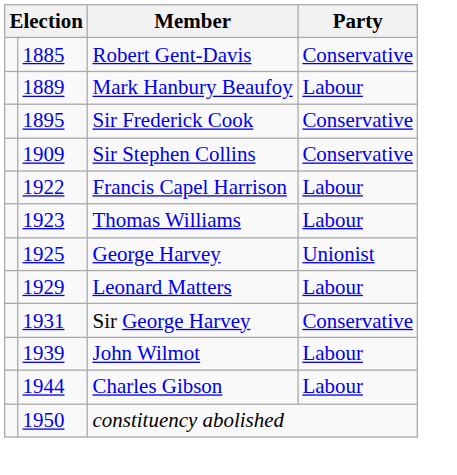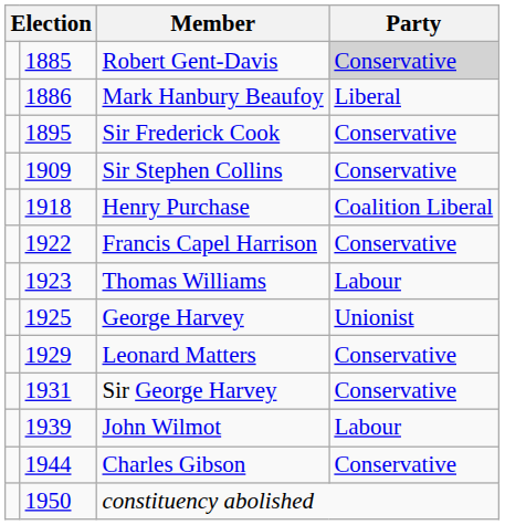 <table class="wikitable">
 <tr>
 <th colspan="2">Election</th>
 <th>Member</th>
 <th>Party</th>
 </tr>
 <tr>
 <td style="color:inherit;background-color: "></td>
 <td><a href='#'>1885</a></td>
 <td><a href='#'>Robert Gent-Davis</a></td>
-<td><a href='#'>Conservative</a></td>
+<td style="background: lightgrey;"><a href='#'>Conservative</a></td>
 </tr>
 <tr>
 <td style="color:inherit;background-color: "></td>
-<td><a href='#'>1889</a></td>
+<td><a href='#'>1886</a></td>
 <td><a href='#'>Mark Hanbury Beaufoy</a></td>
-<td><a href='#'>Labour</a></td>
+<td><a href='#'>Liberal</a></td>
 </tr>
 <tr>
 <td style="color:inherit;background-color: "></td>
 <td><a href='#'>1895</a></td>
 <td><a href='#'>Sir Frederick Cook</a></td>
 <td><a href='#'>Conservative</a></td>
 </tr>
 <tr>
 <td style="color:inherit;background-color: "></td>
 <td><a href='#'>1909</a></td>
 <td><a href='#'>Sir Stephen Collins</a></td>
 <td><a href='#'>Conservative</a></td>
 </tr>
 <tr>
 <td style="color:inherit;background-color: "></td>
+<td><a href='#'>1918</a></td>
+<td><a href='#'>Henry Purchase</a></td>
+<td><a href='#'>Coalition Liberal</a></td>
+</tr>
+<tr>
+<td style="color:inherit;background-color: "></td>
 <td><a href='#'>1922</a></td>
 <td><a href='#'>Francis Capel Harrison</a></td>
-<td><a href='#'>Labour</a></td>
+<td><a href='#'>Conservative</a></td>
 </tr>
 <tr>
 <td style="color:inherit;background-color: "></td>
 <td><a href='#'>1923</a></td>
 <td><a href='#'>Thomas Williams</a></td>
 <td><a href='#'>Labour</a></td>
 </tr>
 <tr>
 <td style="color:inherit;background-color: "></td>
 <td><a href='#'>1925</a></td>
 <td><a href='#'>George Harvey</a></td>
 <td><a href='#'>Unionist</a></td>
 </tr>
 <tr>
 <td style="color:inherit;background-color: "></td>
 <td><a href='#'>1929</a></td>
 <td><a href='#'>Leonard Matters</a></td>
-<td><a href='#'>Labour</a></td>
+<td><a href='#'>Conservative</a></td>
 </tr>
 <tr>
 <td style="color:inherit;background-color: "></td>
 <td><a href='#'>1931</a></td>
 <td>Sir <a href='#'>George Harvey</a></td>
 <td><a href='#'>Conservative</a></td>
 </tr>
 <tr>
 <td style="color:inherit;background-color: "></td>
 <td><a href='#'>1939</a></td>
 <td><a href='#'>John Wilmot</a></td>
 <td><a href='#'>Labour</a></td>
 </tr>
 <tr>
 <td style="color:inherit;background-color: "></td>
 <td><a href='#'>1944</a></td>
 <td><a href='#'>Charles Gibson</a></td>
-<td><a href='#'>Labour</a></td>
+<td><a href='#'>Conservative</a></td>
 </tr>
 <tr>
 <td></td>
 <td><a href='#'>1950</a></td>
 <td colspan="2"><em>constituency abolished</em></td>
 </tr>
 </table>
